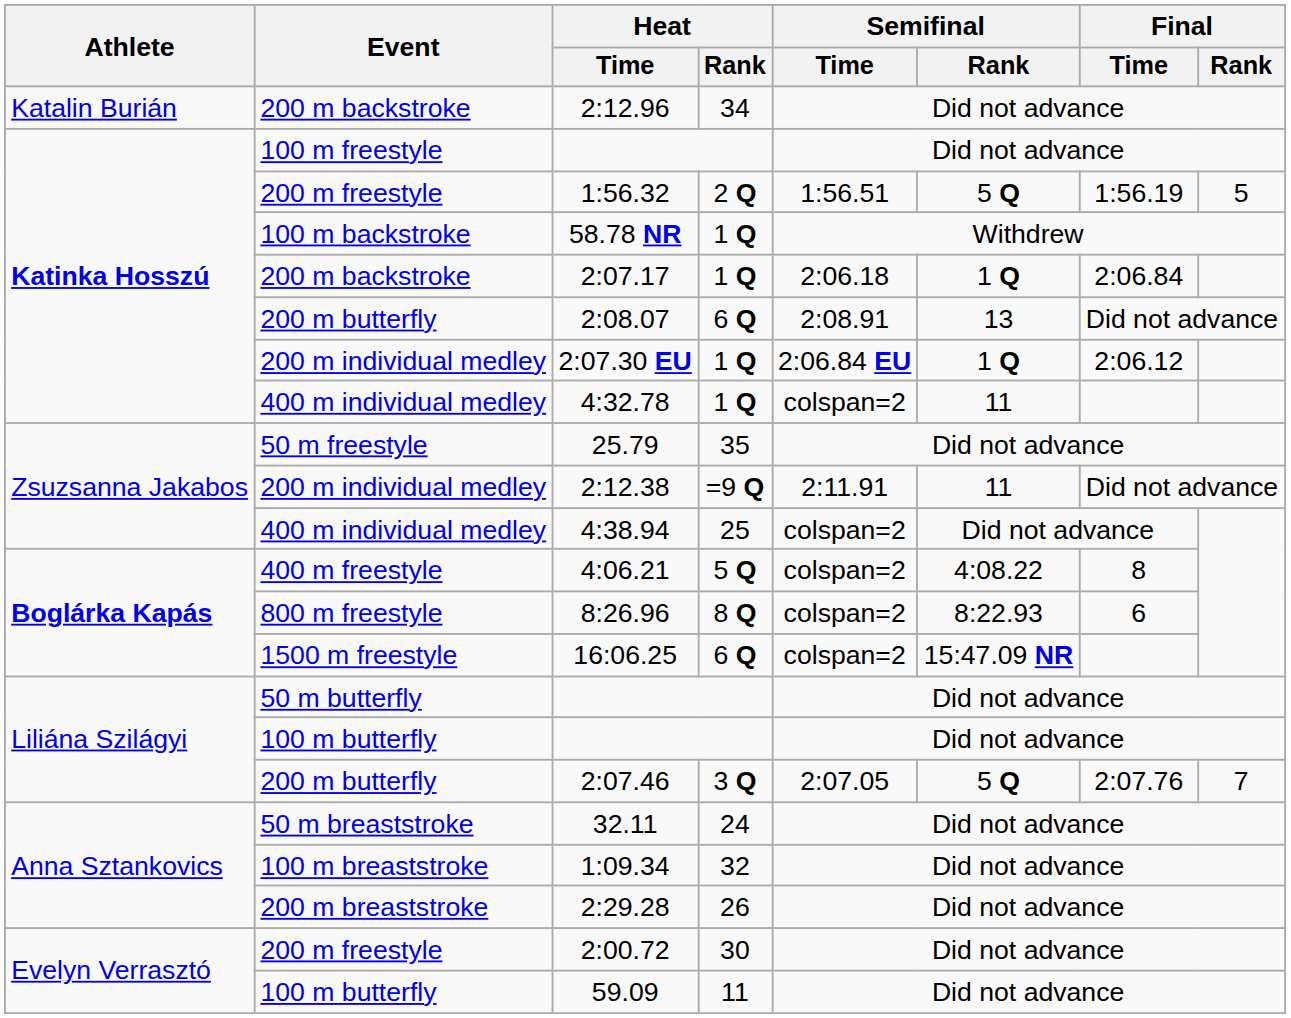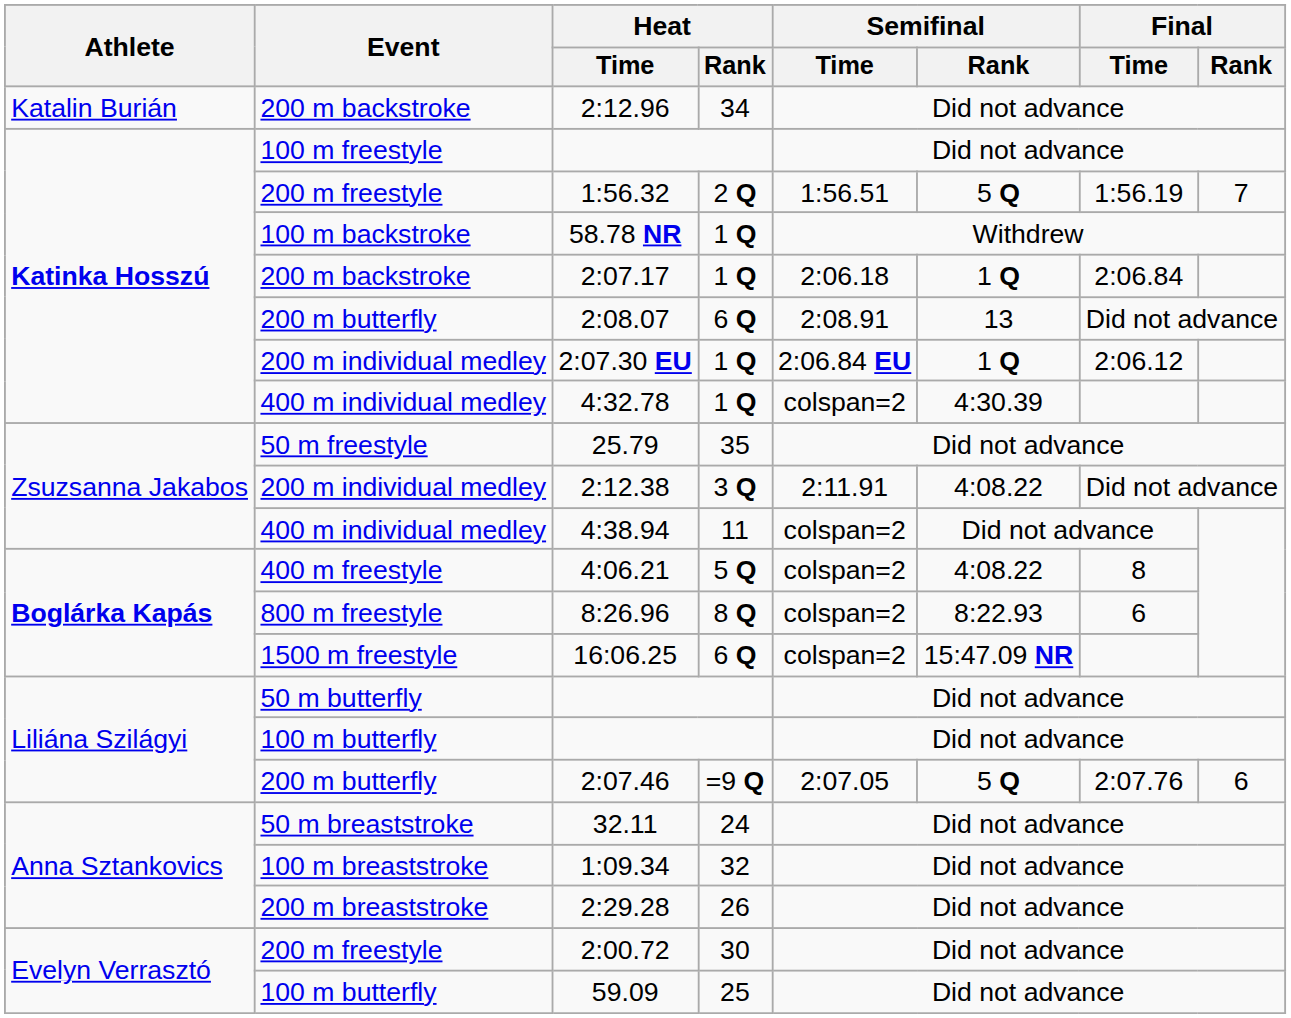 <table class=wikitable style="font-size:90%">
 <tr>
 <th rowspan="2">Athlete</th>
 <th rowspan="2">Event</th>
 <th colspan="2">Heat</th>
 <th colspan="2">Semifinal</th>
 <th colspan="2">Final</th>
 </tr>
 <tr style="font-size:95%">
 <th>Time</th>
 <th>Rank</th>
 <th>Time</th>
 <th>Rank</th>
 <th>Time</th>
 <th>Rank</th>
 </tr>
 <tr align=center>
 <td align=left><a href='#'>Katalin Burián</a></td>
 <td align=left><a href='#'>200 m backstroke</a></td>
 <td>2:12.96</td>
 <td>34</td>
 <td colspan=4>Did not advance</td>
 </tr>
 <tr align=center>
 <td align=left rowspan=7><strong><a href='#'>Katinka Hosszú</a></strong></td>
 <td align=left><a href='#'>100 m freestyle</a></td>
 <td colspan=2></td>
 <td colspan=4>Did not advance</td>
 </tr>
 <tr align=center>
 <td align=left><a href='#'>200 m freestyle</a></td>
 <td>1:56.32</td>
 <td>2 <strong>Q</strong></td>
 <td>1:56.51</td>
 <td>5 <strong>Q</strong></td>
 <td>1:56.19</td>
-<td>5</td>
+<td>7</td>
 </tr>
 <tr align=center>
 <td align=left><a href='#'>100 m backstroke</a></td>
 <td>58.78 <strong><a href='#'>NR</a></strong></td>
 <td>1 <strong>Q</strong></td>
 <td colspan=4>Withdrew</td>
 </tr>
 <tr align=center>
 <td align=left><a href='#'>200 m backstroke</a></td>
 <td>2:07.17</td>
 <td>1 <strong>Q</strong></td>
 <td>2:06.18</td>
 <td>1 <strong>Q</strong></td>
 <td>2:06.84</td>
 <td></td>
 </tr>
 <tr align=center>
 <td align=left><a href='#'>200 m butterfly</a></td>
 <td>2:08.07</td>
 <td>6 <strong>Q</strong></td>
 <td>2:08.91</td>
 <td>13</td>
 <td colspan=2>Did not advance</td>
 </tr>
 <tr align=center>
 <td align=left><a href='#'>200 m individual medley</a></td>
 <td>2:07.30 <strong><a href='#'>EU</a></strong></td>
 <td>1 <strong>Q</strong></td>
 <td>2:06.84 <strong><a href='#'>EU</a></strong></td>
 <td>1 <strong>Q</strong></td>
 <td>2:06.12 </td>
 <td></td>
 </tr>
 <tr align=center>
 <td align=left><a href='#'>400 m individual medley</a></td>
 <td>4:32.78</td>
 <td>1 <strong>Q</strong></td>
 <td>colspan=2 </td>
-<td>11</td>
+<td>4:30.39</td>
 <td></td>
 </tr>
 <tr align=center>
 <td align=left rowspan=3><a href='#'>Zsuzsanna Jakabos</a></td>
 <td align=left><a href='#'>50 m freestyle</a></td>
 <td>25.79</td>
 <td>35</td>
 <td colspan=4>Did not advance</td>
 </tr>
 <tr align=center>
 <td align=left><a href='#'>200 m individual medley</a></td>
 <td>2:12.38</td>
-<td>=9 <strong>Q</strong></td>
+<td>3 <strong>Q</strong></td>
 <td>2:11.91</td>
-<td>11</td>
+<td>4:08.22</td>
 <td colspan=2>Did not advance</td>
 </tr>
 <tr align=center>
 <td align=left><a href='#'>400 m individual medley</a></td>
 <td>4:38.94</td>
-<td>25</td>
+<td>11</td>
 <td>colspan=2 </td>
 <td colspan=2>Did not advance</td>
 </tr>
 <tr align=center>
 <td align=left rowspan=3><strong><a href='#'>Boglárka Kapás</a></strong></td>
 <td align=left><a href='#'>400 m freestyle</a></td>
 <td>4:06.21</td>
 <td>5 <strong>Q</strong></td>
 <td>colspan=2 </td>
 <td>4:08.22</td>
 <td>8</td>
 </tr>
 <tr align=center>
 <td align=left><a href='#'>800 m freestyle</a></td>
 <td>8:26.96</td>
 <td>8 <strong>Q</strong></td>
 <td>colspan=2 </td>
 <td>8:22.93</td>
 <td>6</td>
 </tr>
 <tr align=center>
 <td align=left><a href='#'>1500 m freestyle</a></td>
 <td>16:06.25</td>
 <td>6 <strong>Q</strong></td>
 <td>colspan=2 </td>
 <td>15:47.09 <strong><a href='#'>NR</a></strong></td>
 <td></td>
 </tr>
 <tr align=center>
 <td align=left rowspan=3><a href='#'>Liliána Szilágyi</a></td>
 <td align=left><a href='#'>50 m butterfly</a></td>
 <td colspan=2></td>
 <td colspan=4>Did not advance</td>
 </tr>
 <tr align=center>
 <td align=left><a href='#'>100 m butterfly</a></td>
 <td colspan=2></td>
 <td colspan=4>Did not advance</td>
 </tr>
 <tr align=center>
 <td align=left><a href='#'>200 m butterfly</a></td>
 <td>2:07.46</td>
-<td>3 <strong>Q</strong></td>
+<td>=9 <strong>Q</strong></td>
 <td>2:07.05</td>
 <td>5 <strong>Q</strong></td>
 <td>2:07.76</td>
-<td>7</td>
+<td>6</td>
 </tr>
 <tr align=center>
 <td align=left rowspan=3><a href='#'>Anna Sztankovics</a></td>
 <td align=left><a href='#'>50 m breaststroke</a></td>
 <td>32.11</td>
 <td>24</td>
 <td colspan=4>Did not advance</td>
 </tr>
 <tr align=center>
 <td align=left><a href='#'>100 m breaststroke</a></td>
 <td>1:09.34</td>
 <td>32</td>
 <td colspan=4>Did not advance</td>
 </tr>
 <tr align=center>
 <td align=left><a href='#'>200 m breaststroke</a></td>
 <td>2:29.28</td>
 <td>26</td>
 <td colspan=4>Did not advance</td>
 </tr>
 <tr align=center>
 <td align=left rowspan=2><a href='#'>Evelyn Verrasztó</a></td>
 <td align=left><a href='#'>200 m freestyle</a></td>
 <td>2:00.72</td>
 <td>30</td>
 <td colspan=4>Did not advance</td>
 </tr>
 <tr align=center>
 <td align=left><a href='#'>100 m butterfly</a></td>
 <td>59.09</td>
-<td>11</td>
+<td>25</td>
 <td colspan=4>Did not advance</td>
 </tr>
 </table>
